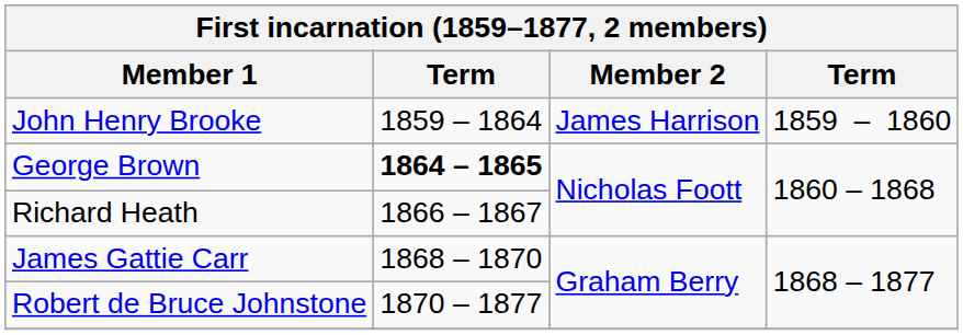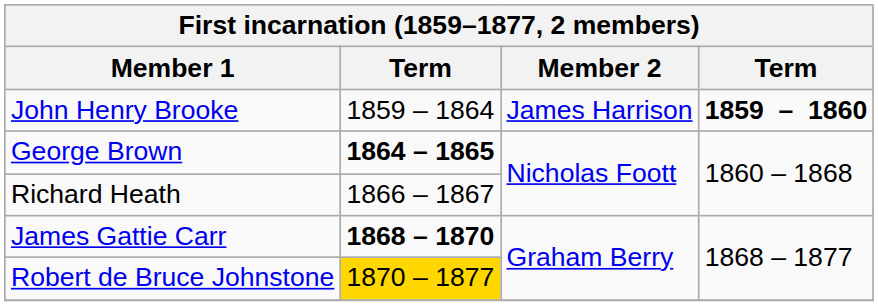 <table class="wikitable">
 <tr>
 <th colspan=4 style="border-right:0px;";>First incarnation (1859–1877, 2 members)</th>
 </tr>
 <tr>
 <th>Member 1</th>
 <th>Term</th>
 <th>Member 2</th>
 <th>Term</th>
 </tr>
 <tr>
 <td rowspan = "2"><a href='#'>John Henry Brooke</a></td>
 <td rowspan = "2">1859 – 1864</td>
 <td><a href='#'>James Harrison</a></td>
-<td>1859  –  1860</td>
+<td><strong>1859  –  1860</strong></td>
 </tr>
 <tr>
 <td rowspan = "3"><a href='#'>Nicholas Foott</a></td>
 <td rowspan = "3">1860 – 1868</td>
 </tr>
 <tr>
 <td><a href='#'>George Brown</a></td>
 <td><strong>1864 – 1865</strong></td>
 </tr>
 <tr>
 <td>Richard Heath</td>
 <td>1866 – 1867</td>
 </tr>
 <tr>
 <td><a href='#'>James Gattie Carr</a></td>
-<td>1868 – 1870</td>
+<td><strong>1868 – 1870</strong></td>
 <td rowspan = "2"><a href='#'>Graham Berry</a></td>
 <td rowspan = "2">1868 – 1877</td>
 </tr>
 <tr>
 <td><a href='#'>Robert de Bruce Johnstone</a></td>
-<td>1870 – 1877</td>
+<td style="background: gold;">1870 – 1877</td>
 </tr>
 <tr>
 </tr>
 </table>
